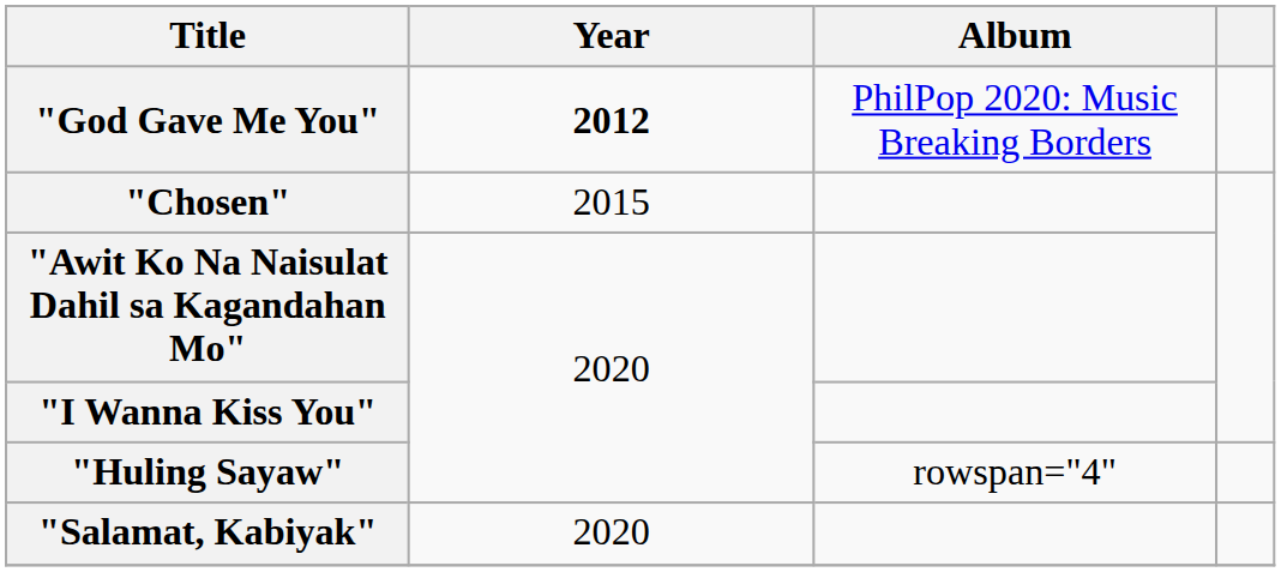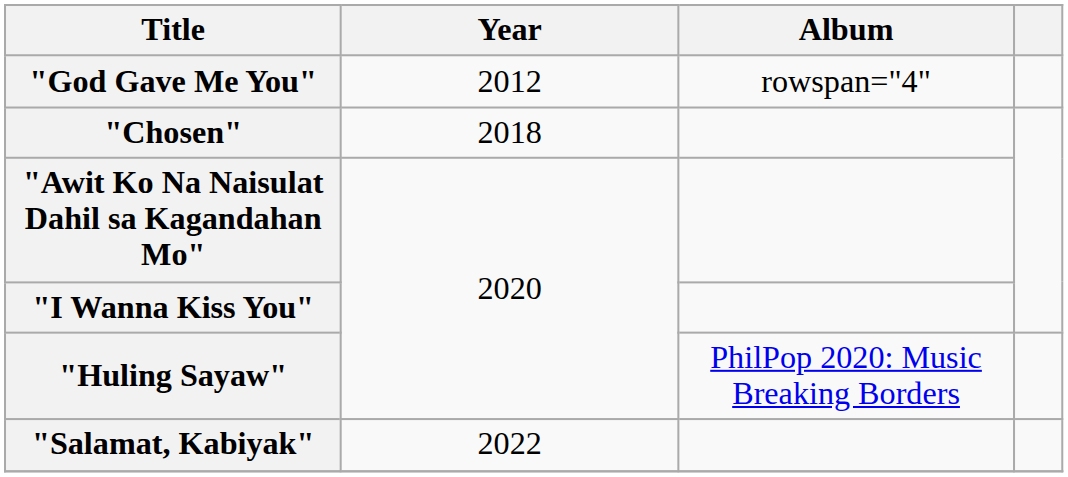 <table class="wikitable plainrowheaders" style="text-align:center;">
 <tr>
 <th scope="col" style="width:10em;">Title</th>
 <th scope="col" style="width:10em;">Year</th>
 <th scope="col" style="width:10em;">Album</th>
 <th scope="col" class="unsortable" style="width:1em;"></th>
 </tr>
 <tr>
 <th scope="row">"God Gave Me You"<br></th>
-<td align="center"><strong>2012</strong></td>
-<td><a href='#'>PhilPop 2020: Music Breaking Borders</a></td>
+<td align="center">2012</td>
+<td>rowspan="4" </td>
 <td></td>
 </tr>
 <tr>
 <th scope="row">"Chosen"<br></th>
-<td align="center">2015</td>
+<td align="center">2018</td>
 <td></td>
 </tr>
 <tr>
 <th scope="row">"Awit Ko Na Naisulat Dahil sa Kagandahan Mo"</th>
 <td align="center" rowspan="3">2020</td>
 <td></td>
 </tr>
 <tr>
 <th scope="row">"I Wanna Kiss You"</th>
 <td></td>
 </tr>
 <tr>
 <th scope="row">"Huling Sayaw"</th>
-<td>rowspan="4" </td>
+<td><a href='#'>PhilPop 2020: Music Breaking Borders</a></td>
 <td></td>
 </tr>
 <tr>
 <th scope="row">"Salamat, Kabiyak"<br></th>
-<td align="center">2020</td>
+<td align="center">2022</td>
 <td></td>
 <td></td>
 </tr>
 <tr>
 </tr>
 </table>
